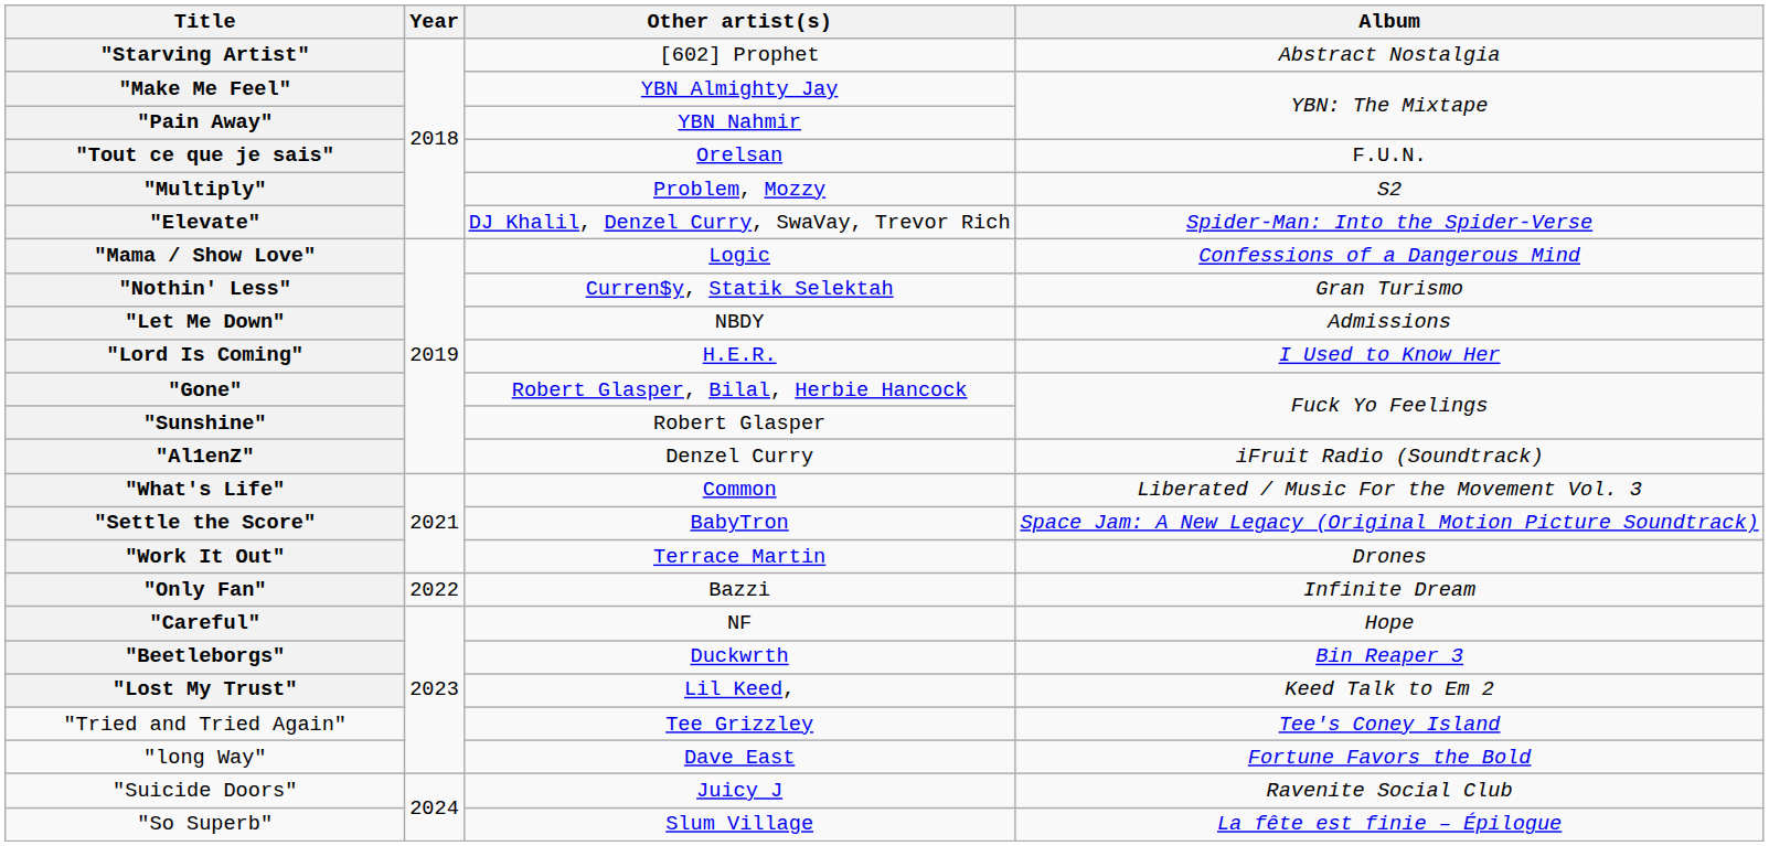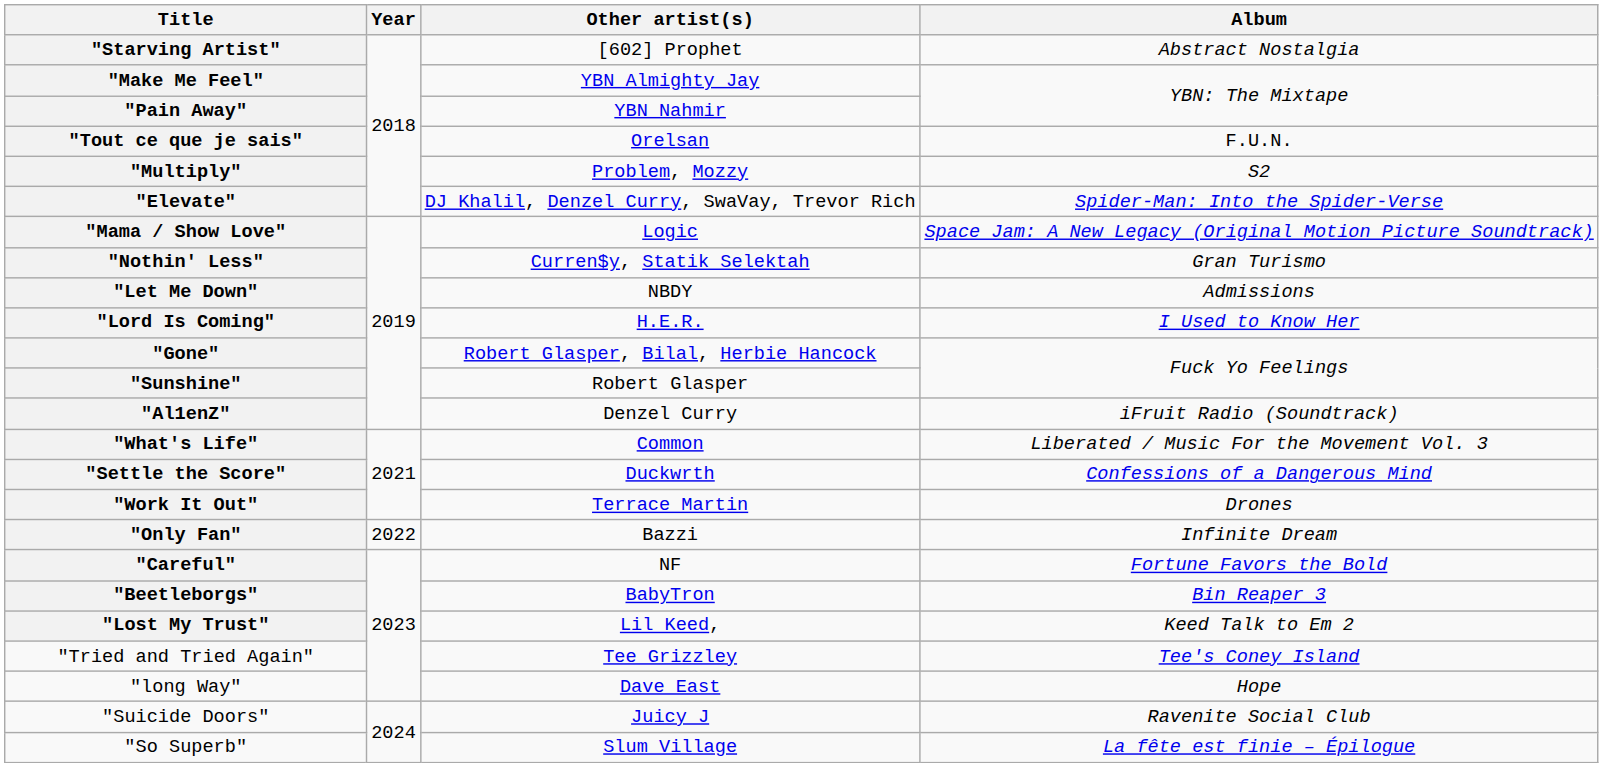 <table class="wikitable plainrowheaders" style="text-align:center;">
 <tr>
 <th scope="col" style="width:19em;">Title</th>
 <th scope="col">Year</th>
 <th scope="col">Other artist(s)</th>
 <th scope="col">Album</th>
 </tr>
 <tr>
 <th scope="row">"Starving Artist"</th>
 <td rowspan="6">2018</td>
 <td>[602] Prophet</td>
 <td><em>Abstract Nostalgia</em></td>
 </tr>
 <tr>
 <th scope="row">"Make Me Feel"</th>
 <td><a href='#'>YBN Almighty Jay</a></td>
 <td rowspan="2"><em>YBN: The Mixtape</em></td>
 </tr>
 <tr>
 <th scope="row">"Pain Away"</th>
 <td><a href='#'>YBN Nahmir</a></td>
 </tr>
 <tr>
 <th scope="row">"Tout ce que je sais"</th>
 <td><a href='#'>Orelsan</a></td>
 <td>F.U.N.</td>
 </tr>
 <tr>
 <th scope="row">"Multiply"</th>
 <td><a href='#'>Problem</a>, <a href='#'>Mozzy</a></td>
 <td><em>S2</em></td>
 </tr>
 <tr>
 <th scope="row">"Elevate"</th>
 <td><a href='#'>DJ Khalil</a>, <a href='#'>Denzel Curry</a>, SwaVay, Trevor Rich</td>
 <td><em><a href='#'>Spider-Man: Into the Spider-Verse</a></em></td>
 </tr>
 <tr>
 <th scope="row">"Mama / Show Love"</th>
 <td rowspan="7">2019</td>
 <td><a href='#'>Logic</a></td>
-<td><em><a href='#'>Confessions of a Dangerous Mind</a></em></td>
+<td><em><a href='#'>Space Jam: A New Legacy (Original Motion Picture Soundtrack)</a></em></td>
 </tr>
 <tr>
 <th scope="row">"Nothin' Less"</th>
 <td><a href='#'>Curren$y</a>, <a href='#'>Statik Selektah</a></td>
 <td><em>Gran Turismo</em></td>
 </tr>
 <tr>
 <th scope="row">"Let Me Down"</th>
 <td>NBDY</td>
 <td><em>Admissions</em></td>
 </tr>
 <tr>
 <th scope="row">"Lord Is Coming"</th>
 <td><a href='#'>H.E.R.</a></td>
 <td><em><a href='#'>I Used to Know Her</a></em></td>
 </tr>
 <tr>
 <th scope="row">"Gone"</th>
 <td><a href='#'>Robert Glasper</a>, <a href='#'>Bilal</a>, <a href='#'>Herbie Hancock</a></td>
 <td rowspan="2"><em>Fuck Yo Feelings</em></td>
 </tr>
 <tr>
 <th scope="row">"Sunshine"</th>
 <td>Robert Glasper</td>
 </tr>
 <tr>
 <th scope="row">"Al1enZ"</th>
 <td>Denzel Curry</td>
 <td><em>iFruit Radio (Soundtrack)</em></td>
 </tr>
 <tr>
 <th scope="row">"What's Life"</th>
 <td rowspan="3">2021</td>
 <td><a href='#'>Common</a></td>
 <td><em>Liberated / Music For the Movement Vol. 3</em></td>
 </tr>
 <tr>
 <th scope="row">"Settle the Score"</th>
-<td><a href='#'>BabyTron</a></td>
-<td><em><a href='#'>Space Jam: A New Legacy (Original Motion Picture Soundtrack)</a></em></td>
+<td><a href='#'>Duckwrth</a></td>
+<td><em><a href='#'>Confessions of a Dangerous Mind</a></em></td>
 </tr>
 <tr>
 <th>"Work It Out"</th>
 <td><a href='#'>Terrace Martin</a></td>
 <td><em>Drones</em></td>
 </tr>
 <tr>
 <th>"Only Fan"</th>
 <td>2022</td>
 <td>Bazzi</td>
 <td><em>Infinite Dream</em></td>
 </tr>
 <tr>
 <th>"Careful"</th>
 <td rowspan="5">2023</td>
 <td>NF</td>
-<td><em>Hope</em></td>
+<td><a href='#'><em>Fortune Favors the Bold</em></a></td>
 </tr>
 <tr>
 <th scope="row">"Beetleborgs"</th>
-<td><a href='#'>Duckwrth</a></td>
+<td><a href='#'>BabyTron</a></td>
 <td><em><a href='#'>Bin Reaper 3</a></em></td>
 </tr>
 <tr>
 <th>"Lost My Trust"</th>
 <td><a href='#'>Lil Keed</a>,</td>
 <td><em>Keed Talk to Em 2</em></td>
 </tr>
 <tr>
 <td>"Tried and Tried Again"</td>
 <td><a href='#'>Tee Grizzley</a></td>
 <td><em><a href='#'>Tee's Coney Island</a></em></td>
 </tr>
 <tr>
 <td>"long Way"</td>
 <td><a href='#'>Dave East</a></td>
-<td><a href='#'><em>Fortune Favors the Bold</em></a></td>
+<td><em>Hope</em></td>
 </tr>
 <tr>
 <td>"Suicide Doors"</td>
 <td rowspan="2">2024</td>
 <td><a href='#'>Juicy J</a></td>
 <td><em>Ravenite Social Club</em></td>
 </tr>
 <tr>
 <td>"So Superb"</td>
 <td><a href='#'>Slum Village</a></td>
 <td><em><a href='#'>La fête est finie – Épilogue</a></em></td>
 </tr>
 </table>
